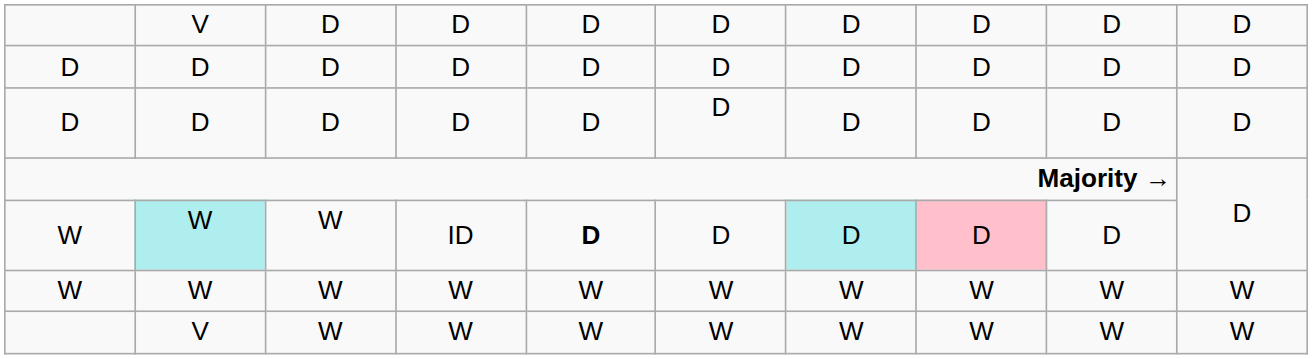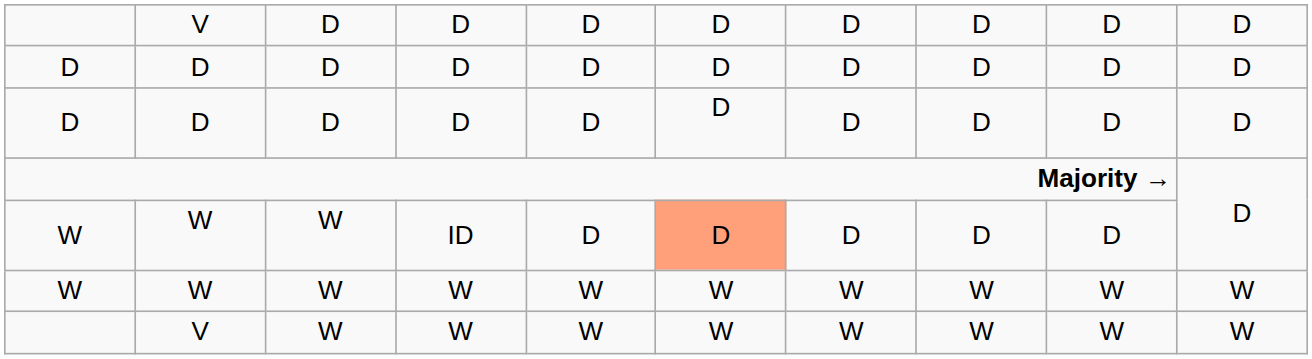 <table class="wikitable" style="text-align:center; width:800px">
 <tr>
 <td> </td>
 <td>V<br></td>
 <td>D</td>
 <td>D</td>
 <td>D</td>
 <td>D</td>
 <td>D</td>
 <td>D</td>
 <td>D</td>
 <td>D</td>
 </tr>
 <tr>
 <td width=50px >D</td>
 <td width=50px >D</td>
 <td width=50px >D</td>
 <td width=50px >D</td>
 <td width=50px >D</td>
 <td width=50px >D</td>
 <td width=50px >D</td>
 <td width=50px >D</td>
 <td width=50px >D</td>
 <td width=50px >D</td>
 </tr>
 <tr>
 <td>D</td>
 <td>D</td>
 <td>D</td>
 <td>D</td>
 <td>D</td>
 <td>D<br><br></td>
 <td>D</td>
 <td>D</td>
 <td>D</td>
 <td>D</td>
 </tr>
 <tr>
 <td colspan=9 style="text-align:right"><strong>Majority →</strong></td>
 <td rowspan=2 >D</td>
 </tr>
 <tr>
 <td>W</td>
-<td style="background: paleturquoise;">W<br><br></td>
+<td>W<br><br></td>
 <td>W<br><br></td>
 <td>ID</td>
-<td><strong>D</strong></td>
 <td>D</td>
-<td style="background: paleturquoise;">D</td>
-<td style="background: pink;">D</td>
+<td style="background: lightsalmon;">D</td>
+<td>D</td>
+<td>D</td>
 <td>D</td>
 </tr>
 <tr>
 <td>W</td>
 <td>W</td>
 <td>W</td>
 <td>W</td>
 <td>W</td>
 <td>W</td>
 <td>W</td>
 <td>W</td>
 <td>W</td>
 <td>W</td>
 </tr>
 <tr>
 <td> </td>
 <td>V<br></td>
 <td>W</td>
 <td>W</td>
 <td>W</td>
 <td>W</td>
 <td>W</td>
 <td>W</td>
 <td>W</td>
 <td>W</td>
 </tr>
 </table>
